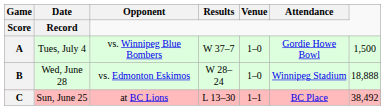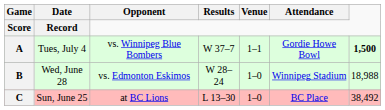 <table class="wikitable" style="text-align:center">
 <tr>
 <th>Game</th>
 <th>Date</th>
 <th>Opponent</th>
 <th>Results</th>
 <th>Venue</th>
 <th>Attendance</th>
 </tr>
 <tr>
 <th>Score</th>
 <th>Record</th>
 </tr>
 <tr style="background:#ddffdd">
 <th>A</th>
 <td>Tues, July 4</td>
 <td>vs. <a href='#'>Winnipeg Blue Bombers</a></td>
 <td>W 37–7</td>
-<td>1–0</td>
+<td>1–1</td>
 <td><a href='#'>Gordie Howe Bowl</a></td>
-<td>1,500</td>
+<td><strong>1,500</strong></td>
 </tr>
 <tr style="background:#ddffdd">
 <th>B</th>
 <td>Wed, June 28</td>
 <td>vs. <a href='#'>Edmonton Eskimos</a></td>
 <td>W 28–24</td>
 <td>1–0</td>
 <td><a href='#'>Winnipeg Stadium</a></td>
-<td>18,888</td>
+<td>18,988</td>
 </tr>
 <tr style="background:#ffbbbb">
 <th>C</th>
 <td>Sun, June 25</td>
 <td>at <a href='#'>BC Lions</a></td>
 <td>L 13–30</td>
-<td>1–1</td>
+<td>1–0</td>
 <td><a href='#'>BC Place</a></td>
 <td>38,492</td>
 </tr>
 </table>
